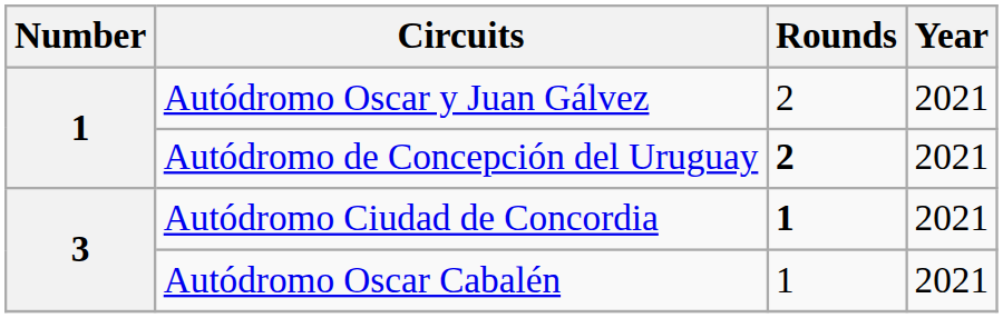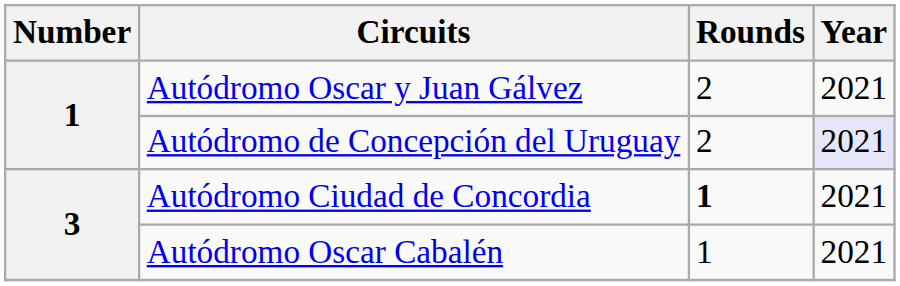 <table class="wikitable" style="font-size:90%">
 <tr>
 <th>Number</th>
 <th>Circuits</th>
 <th>Rounds</th>
 <th>Year</th>
 </tr>
 <tr>
 <th rowspan=2>1</th>
 <td> <a href='#'>Autódromo Oscar y Juan Gálvez</a></td>
 <td>2</td>
 <td>2021</td>
 </tr>
 <tr>
 <td> <a href='#'>Autódromo de Concepción del Uruguay</a></td>
-<td><strong>2</strong></td>
-<td>2021</td>
+<td>2</td>
+<td style="background: lavender;">2021</td>
 </tr>
 <tr>
 <th rowspan=2>3</th>
 <td> <a href='#'>Autódromo Ciudad de Concordia</a></td>
 <td><strong>1</strong></td>
 <td>2021</td>
 </tr>
 <tr>
 <td> <a href='#'>Autódromo Oscar Cabalén</a></td>
 <td>1</td>
 <td>2021</td>
 </tr>
 <tr>
 </tr>
 </table>
